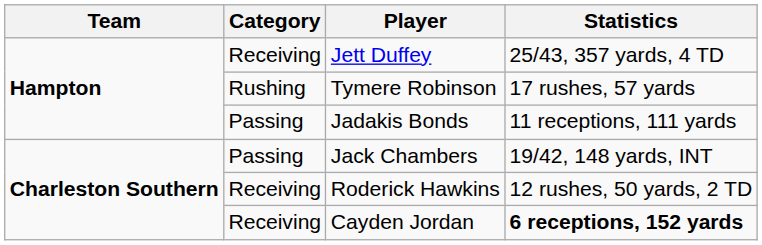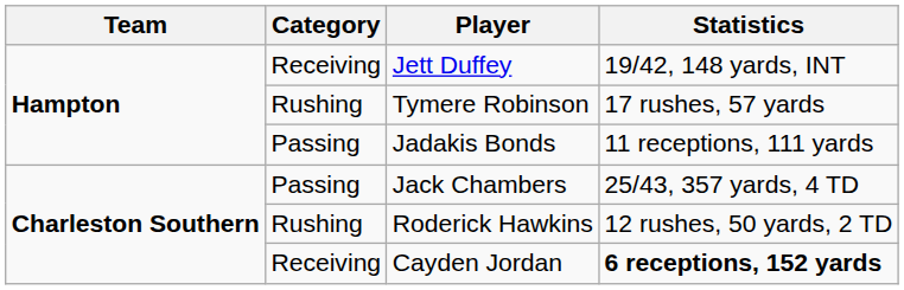 <table class="wikitable" style="float: right;">
 <tr>
 <th>Team</th>
 <th>Category</th>
 <th>Player</th>
 <th>Statistics</th>
 </tr>
 <tr>
 <td rowspan=3><strong>Hampton</strong></td>
 <td>Receiving</td>
 <td><a href='#'>Jett Duffey</a></td>
-<td>25/43, 357 yards, 4 TD</td>
+<td>19/42, 148 yards, INT</td>
 </tr>
 <tr>
 <td>Rushing</td>
 <td>Tymere Robinson</td>
 <td>17 rushes, 57 yards</td>
 </tr>
 <tr>
 <td>Passing</td>
 <td>Jadakis Bonds</td>
 <td>11 receptions, 111 yards</td>
 </tr>
 <tr>
 <td rowspan=3><strong>Charleston Southern</strong></td>
 <td>Passing</td>
 <td>Jack Chambers</td>
-<td>19/42, 148 yards, INT</td>
+<td>25/43, 357 yards, 4 TD</td>
 </tr>
 <tr>
-<td>Receiving</td>
+<td>Rushing</td>
 <td>Roderick Hawkins</td>
 <td>12 rushes, 50 yards, 2 TD</td>
 </tr>
 <tr>
 <td>Receiving</td>
 <td>Cayden Jordan</td>
 <td><strong>6 receptions, 152 yards</strong></td>
 </tr>
 </table>
